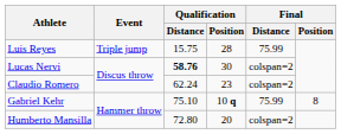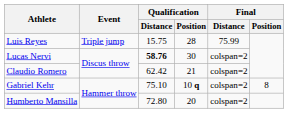 <table class=wikitable style=font-size:90%>
 <tr>
 <th rowspan=2>Athlete</th>
 <th rowspan=2>Event</th>
 <th colspan=2>Qualification</th>
 <th colspan=2>Final</th>
 </tr>
 <tr style=font-size:95%>
 <th>Distance</th>
 <th>Position</th>
 <th>Distance</th>
 <th>Position</th>
 </tr>
 <tr align=center>
 <td align=left><a href='#'>Luis Reyes</a></td>
 <td align=left><a href='#'>Triple jump</a></td>
 <td>15.75</td>
 <td>28</td>
 <td>75.99</td>
 </tr>
 <tr align=center>
 <td align=left><a href='#'>Lucas Nervi</a></td>
 <td align=left rowspan=2><a href='#'>Discus throw</a></td>
 <td><strong>58.76</strong></td>
 <td>30</td>
 <td>colspan=2 </td>
 </tr>
 <tr align=center>
 <td align=left><a href='#'>Claudio Romero</a></td>
-<td>62.24</td>
-<td>23</td>
+<td>62.42</td>
+<td>21</td>
 <td>colspan=2 </td>
 </tr>
 <tr align=center>
 <td align=left><a href='#'>Gabriel Kehr</a></td>
 <td align=left rowspan=2><a href='#'>Hammer throw</a></td>
 <td>75.10</td>
 <td>10 <strong>q</strong></td>
-<td>75.99</td>
+<td>colspan=2 </td>
 <td>8</td>
 </tr>
 <tr align=center>
 <td align=left><a href='#'>Humberto Mansilla</a></td>
 <td>72.80</td>
 <td>20</td>
 <td>colspan=2 </td>
 </tr>
 </table>
